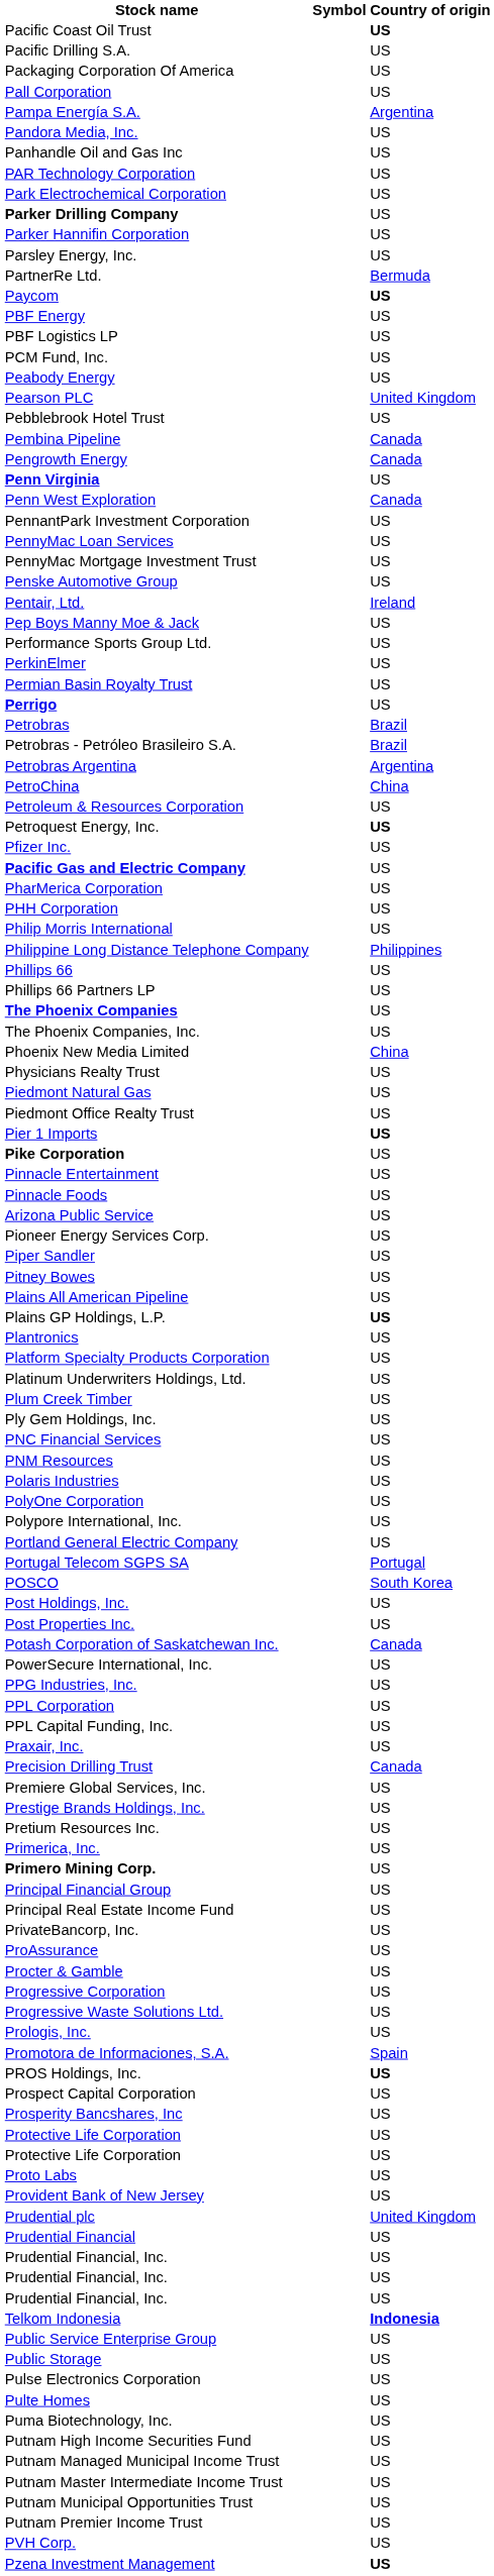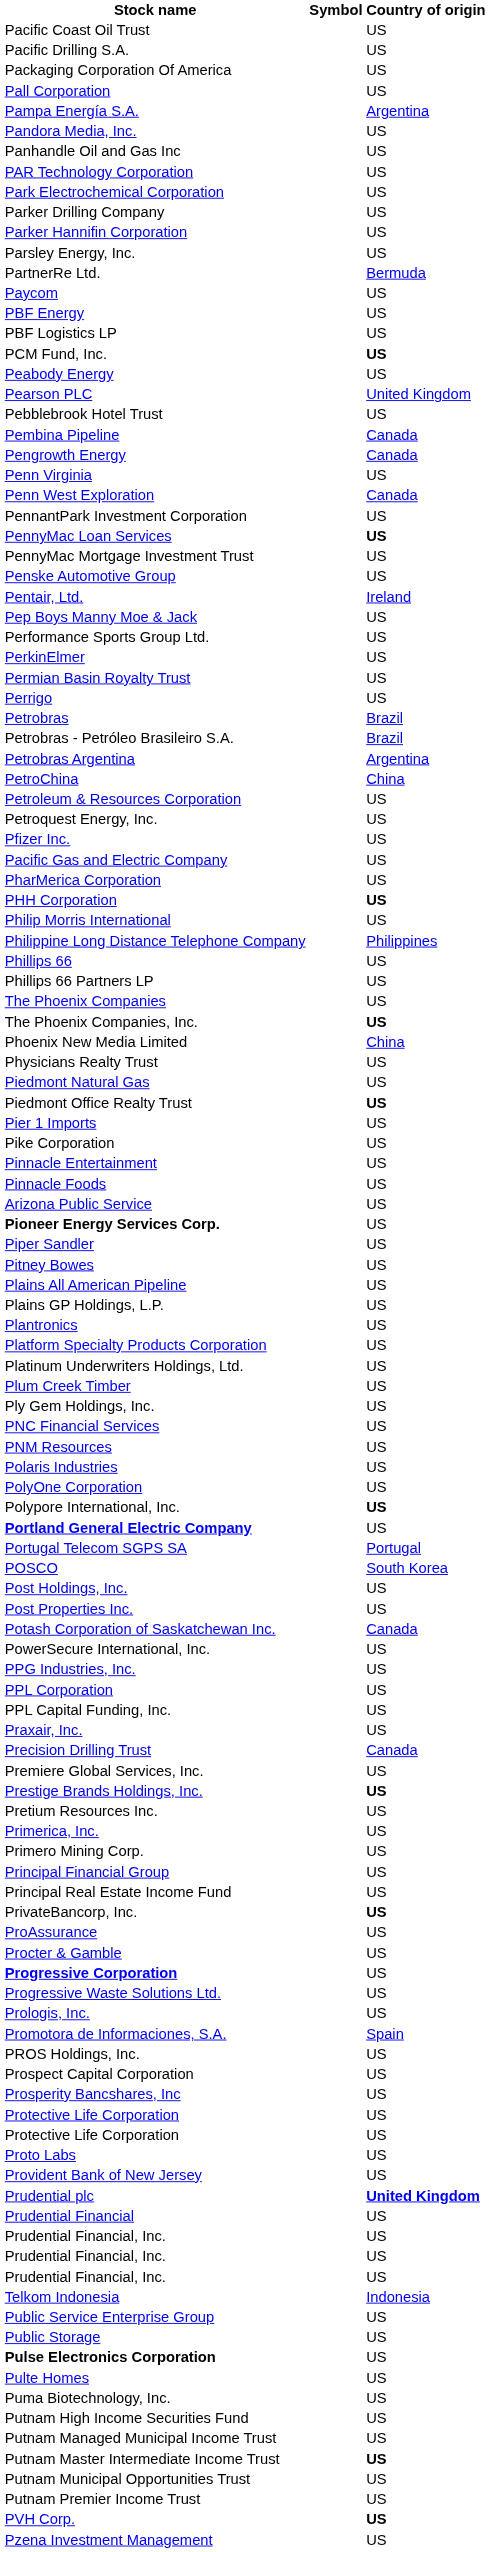 <table style="background:transparent;">
 <tr>
 <th>Stock name</th>
 <th>Symbol</th>
 <th>Country of origin</th>
 </tr>
 <tr --->
 <td>Pacific Coast Oil Trust</td>
 <td></td>
-<td><strong>US</strong></td>
+<td>US</td>
 </tr>
 <tr --->
 <td>Pacific Drilling S.A.</td>
 <td></td>
 <td>US</td>
 </tr>
 <tr --->
 <td>Packaging Corporation Of America</td>
 <td></td>
 <td>US</td>
 </tr>
 <tr --->
 <td><a href='#'>Pall Corporation</a></td>
 <td></td>
 <td>US</td>
 </tr>
 <tr --->
 <td><a href='#'>Pampa Energía S.A.</a></td>
 <td></td>
 <td><a href='#'>Argentina</a></td>
 </tr>
 <tr --->
 <td><a href='#'>Pandora Media, Inc.</a></td>
 <td></td>
 <td>US</td>
 </tr>
 <tr --->
 <td>Panhandle Oil and Gas Inc</td>
 <td></td>
 <td>US</td>
 </tr>
 <tr --->
 <td><a href='#'>PAR Technology Corporation</a></td>
 <td></td>
 <td>US</td>
 </tr>
 <tr --->
 <td><a href='#'>Park Electrochemical Corporation</a></td>
 <td></td>
 <td>US</td>
 </tr>
 <tr --->
-<td><strong>Parker Drilling Company</strong></td>
+<td>Parker Drilling Company</td>
 <td></td>
 <td>US</td>
 </tr>
 <tr --->
 <td><a href='#'>Parker Hannifin Corporation</a></td>
 <td></td>
 <td>US</td>
 </tr>
 <tr --->
 <td>Parsley Energy, Inc.</td>
 <td></td>
 <td>US</td>
 </tr>
 <tr --->
 <td>PartnerRe Ltd.</td>
 <td></td>
 <td><a href='#'>Bermuda</a></td>
 </tr>
 <tr --->
 <td><a href='#'>Paycom</a></td>
 <td></td>
-<td><strong>US</strong></td>
+<td>US</td>
 </tr>
 <tr --->
 <td><a href='#'>PBF Energy</a></td>
 <td></td>
 <td>US</td>
 </tr>
 <tr --->
 <td>PBF Logistics LP</td>
 <td></td>
 <td>US</td>
 </tr>
 <tr --->
 <td>PCM Fund, Inc.</td>
 <td></td>
-<td>US</td>
+<td><strong>US</strong></td>
 </tr>
 <tr --->
 <td><a href='#'>Peabody Energy</a></td>
 <td></td>
 <td>US</td>
 </tr>
 <tr --->
 <td><a href='#'>Pearson PLC</a></td>
 <td></td>
 <td><a href='#'>United Kingdom</a></td>
 </tr>
 <tr --->
 <td>Pebblebrook Hotel Trust</td>
 <td></td>
 <td>US</td>
 </tr>
 <tr --->
 <td><a href='#'>Pembina Pipeline</a></td>
 <td></td>
 <td><a href='#'>Canada</a></td>
 </tr>
 <tr --->
 <td><a href='#'>Pengrowth Energy</a></td>
 <td></td>
 <td><a href='#'>Canada</a></td>
 </tr>
 <tr --->
-<td><strong><a href='#'>Penn Virginia</a></strong></td>
+<td><a href='#'>Penn Virginia</a></td>
 <td></td>
 <td>US</td>
 </tr>
 <tr --->
 <td><a href='#'>Penn West Exploration</a></td>
 <td></td>
 <td><a href='#'>Canada</a></td>
 </tr>
 <tr --->
 <td>PennantPark Investment Corporation</td>
 <td></td>
 <td>US</td>
 </tr>
 <tr --->
 <td><a href='#'>PennyMac Loan Services</a></td>
 <td></td>
-<td>US</td>
+<td><strong>US</strong></td>
 </tr>
 <tr --->
 <td>PennyMac Mortgage Investment Trust</td>
 <td></td>
 <td>US</td>
 </tr>
 <tr --->
 <td><a href='#'>Penske Automotive Group</a></td>
 <td></td>
 <td>US</td>
 </tr>
 <tr --->
 <td><a href='#'>Pentair, Ltd.</a></td>
 <td></td>
 <td><a href='#'>Ireland</a></td>
 </tr>
 <tr --->
 <td><a href='#'>Pep Boys Manny Moe & Jack</a></td>
 <td></td>
 <td>US</td>
 </tr>
 <tr --->
 <td>Performance Sports Group Ltd.</td>
 <td></td>
 <td>US</td>
 </tr>
 <tr --->
 <td><a href='#'>PerkinElmer</a></td>
 <td></td>
 <td>US</td>
 </tr>
 <tr --->
 <td><a href='#'>Permian Basin Royalty Trust</a></td>
 <td></td>
 <td>US</td>
 </tr>
 <tr --->
-<td><strong><a href='#'>Perrigo</a></strong></td>
+<td><a href='#'>Perrigo</a></td>
 <td></td>
 <td>US</td>
 </tr>
 <tr --->
 <td><a href='#'>Petrobras</a></td>
 <td></td>
 <td><a href='#'>Brazil</a></td>
 </tr>
 <tr --->
 <td>Petrobras - Petróleo Brasileiro S.A.</td>
 <td></td>
 <td><a href='#'>Brazil</a></td>
 </tr>
 <tr --->
 <td><a href='#'>Petrobras Argentina</a></td>
 <td></td>
 <td><a href='#'>Argentina</a></td>
 </tr>
 <tr --->
 <td><a href='#'>PetroChina</a></td>
 <td></td>
 <td><a href='#'>China</a></td>
 </tr>
 <tr --->
 <td><a href='#'>Petroleum & Resources Corporation</a></td>
 <td></td>
 <td>US</td>
 </tr>
 <tr --->
 <td>Petroquest Energy, Inc.</td>
 <td></td>
-<td><strong>US</strong></td>
+<td>US</td>
 </tr>
 <tr --->
 <td><a href='#'>Pfizer Inc.</a></td>
 <td></td>
 <td>US</td>
 </tr>
 <tr --->
-<td><strong><a href='#'>Pacific Gas and Electric Company</a></strong></td>
+<td><a href='#'>Pacific Gas and Electric Company</a></td>
 <td></td>
 <td>US</td>
 </tr>
 <tr --->
 <td><a href='#'>PharMerica Corporation</a></td>
 <td></td>
 <td>US</td>
 </tr>
 <tr --->
 <td><a href='#'>PHH Corporation</a></td>
 <td></td>
-<td>US</td>
+<td><strong>US</strong></td>
 </tr>
 <tr --->
 <td><a href='#'>Philip Morris International</a></td>
 <td></td>
 <td>US</td>
 </tr>
 <tr --->
 <td><a href='#'>Philippine Long Distance Telephone Company</a></td>
 <td></td>
 <td><a href='#'>Philippines</a></td>
 </tr>
 <tr --->
 <td><a href='#'>Phillips 66</a></td>
 <td></td>
 <td>US</td>
 </tr>
 <tr --->
 <td>Phillips 66 Partners LP</td>
 <td></td>
 <td>US</td>
 </tr>
 <tr --->
-<td><strong><a href='#'>The Phoenix Companies</a></strong></td>
+<td><a href='#'>The Phoenix Companies</a></td>
 <td></td>
 <td>US</td>
 </tr>
 <tr --->
 <td>The Phoenix Companies, Inc.</td>
 <td></td>
-<td>US</td>
+<td><strong>US</strong></td>
 </tr>
 <tr --->
 <td>Phoenix New Media Limited</td>
 <td></td>
 <td><a href='#'>China</a></td>
 </tr>
 <tr --->
 <td>Physicians Realty Trust</td>
 <td></td>
 <td>US</td>
 </tr>
 <tr --->
 <td><a href='#'>Piedmont Natural Gas</a></td>
 <td></td>
 <td>US</td>
 </tr>
 <tr --->
 <td>Piedmont Office Realty Trust</td>
 <td></td>
-<td>US</td>
+<td><strong>US</strong></td>
 </tr>
 <tr --->
 <td><a href='#'>Pier 1 Imports</a></td>
 <td></td>
-<td><strong>US</strong></td>
+<td>US</td>
 </tr>
 <tr --->
-<td><strong>Pike Corporation</strong></td>
+<td>Pike Corporation</td>
 <td></td>
 <td>US</td>
 </tr>
 <tr --->
 <td><a href='#'>Pinnacle Entertainment</a></td>
 <td></td>
 <td>US</td>
 </tr>
 <tr --->
 <td><a href='#'>Pinnacle Foods</a></td>
 <td></td>
 <td>US</td>
 </tr>
 <tr --->
 <td><a href='#'>Arizona Public Service</a></td>
 <td></td>
 <td>US</td>
 </tr>
 <tr --->
-<td>Pioneer Energy Services Corp.</td>
+<td><strong>Pioneer Energy Services Corp.</strong></td>
 <td></td>
 <td>US</td>
 </tr>
 <tr --->
 <td><a href='#'>Piper Sandler</a></td>
 <td></td>
 <td>US</td>
 </tr>
 <tr --->
 <td><a href='#'>Pitney Bowes</a></td>
 <td></td>
 <td>US</td>
 </tr>
 <tr --->
 <td><a href='#'>Plains All American Pipeline</a></td>
 <td></td>
 <td>US</td>
 </tr>
 <tr --->
 <td>Plains GP Holdings, L.P.</td>
 <td></td>
-<td><strong>US</strong></td>
+<td>US</td>
 </tr>
 <tr --->
 <td><a href='#'>Plantronics</a></td>
 <td></td>
 <td>US</td>
 </tr>
 <tr --->
 <td><a href='#'>Platform Specialty Products Corporation</a></td>
 <td></td>
 <td>US</td>
 </tr>
 <tr --->
 <td>Platinum Underwriters Holdings, Ltd.</td>
 <td></td>
 <td>US</td>
 </tr>
 <tr --->
 <td><a href='#'>Plum Creek Timber</a></td>
 <td></td>
 <td>US</td>
 </tr>
 <tr --->
 <td>Ply Gem Holdings, Inc.</td>
 <td></td>
 <td>US</td>
 </tr>
 <tr --->
 <td><a href='#'>PNC Financial Services</a></td>
 <td></td>
 <td>US</td>
 </tr>
 <tr --->
 <td><a href='#'>PNM Resources</a></td>
 <td></td>
 <td>US</td>
 </tr>
 <tr --->
 <td><a href='#'>Polaris Industries</a></td>
 <td></td>
 <td>US</td>
 </tr>
 <tr --->
 <td><a href='#'>PolyOne Corporation</a></td>
 <td></td>
 <td>US</td>
 </tr>
 <tr --->
 <td>Polypore International, Inc.</td>
 <td></td>
-<td>US</td>
+<td><strong>US</strong></td>
 </tr>
 <tr --->
-<td><a href='#'>Portland General Electric Company</a></td>
+<td><strong><a href='#'>Portland General Electric Company</a></strong></td>
 <td></td>
 <td>US</td>
 </tr>
 <tr --->
 <td><a href='#'>Portugal Telecom SGPS SA</a></td>
 <td></td>
 <td><a href='#'>Portugal</a></td>
 </tr>
 <tr --->
 <td><a href='#'>POSCO</a></td>
 <td></td>
 <td><a href='#'>South Korea</a></td>
 </tr>
 <tr --->
 <td><a href='#'>Post Holdings, Inc.</a></td>
 <td></td>
 <td>US</td>
 </tr>
 <tr --->
 <td><a href='#'>Post Properties Inc.</a></td>
 <td></td>
 <td>US</td>
 </tr>
 <tr --->
 <td><a href='#'>Potash Corporation of Saskatchewan Inc.</a></td>
 <td></td>
 <td><a href='#'>Canada</a></td>
 </tr>
 <tr --->
 <td>PowerSecure International, Inc.</td>
 <td></td>
 <td>US</td>
 </tr>
 <tr --->
 <td><a href='#'>PPG Industries, Inc.</a></td>
 <td></td>
 <td>US</td>
 </tr>
 <tr --->
 <td><a href='#'>PPL Corporation</a></td>
 <td></td>
 <td>US</td>
 </tr>
 <tr --->
 <td>PPL Capital Funding, Inc.</td>
 <td></td>
 <td>US</td>
 </tr>
 <tr --->
 <td><a href='#'>Praxair, Inc.</a></td>
 <td></td>
 <td>US</td>
 </tr>
 <tr --->
 <td><a href='#'>Precision Drilling Trust</a></td>
 <td></td>
 <td><a href='#'>Canada</a></td>
 </tr>
 <tr --->
 <td>Premiere Global Services, Inc.</td>
 <td></td>
 <td>US</td>
 </tr>
 <tr --->
 <td><a href='#'>Prestige Brands Holdings, Inc.</a></td>
 <td></td>
-<td>US</td>
+<td><strong>US</strong></td>
 </tr>
 <tr --->
 <td>Pretium Resources Inc.</td>
 <td></td>
 <td>US</td>
 </tr>
 <tr --->
 <td><a href='#'>Primerica, Inc.</a></td>
 <td></td>
 <td>US</td>
 </tr>
 <tr --->
-<td><strong>Primero Mining Corp.</strong></td>
+<td>Primero Mining Corp.</td>
 <td></td>
 <td>US</td>
 </tr>
 <tr --->
 <td><a href='#'>Principal Financial Group</a></td>
 <td></td>
 <td>US</td>
 </tr>
 <tr --->
 <td>Principal Real Estate Income Fund</td>
 <td></td>
 <td>US</td>
 </tr>
 <tr --->
 <td>PrivateBancorp, Inc.</td>
 <td></td>
-<td>US</td>
+<td><strong>US</strong></td>
 </tr>
 <tr --->
 <td><a href='#'>ProAssurance</a></td>
 <td></td>
 <td>US</td>
 </tr>
 <tr --->
 <td><a href='#'>Procter & Gamble</a></td>
 <td></td>
 <td>US</td>
 </tr>
 <tr --->
-<td><a href='#'>Progressive Corporation</a></td>
+<td><strong><a href='#'>Progressive Corporation</a></strong></td>
 <td></td>
 <td>US</td>
 </tr>
 <tr --->
 <td><a href='#'>Progressive Waste Solutions Ltd.</a></td>
 <td></td>
 <td>US</td>
 </tr>
 <tr --->
 <td><a href='#'>Prologis, Inc.</a></td>
 <td></td>
 <td>US</td>
 </tr>
 <tr --->
 <td><a href='#'>Promotora de Informaciones, S.A.</a></td>
 <td></td>
 <td><a href='#'>Spain</a></td>
 </tr>
 <tr --->
 <td>PROS Holdings, Inc.</td>
 <td></td>
-<td><strong>US</strong></td>
+<td>US</td>
 </tr>
 <tr --->
 <td>Prospect Capital Corporation</td>
 <td></td>
 <td>US</td>
 </tr>
 <tr --->
 <td><a href='#'>Prosperity Bancshares, Inc</a></td>
 <td></td>
 <td>US</td>
 </tr>
 <tr --->
 <td><a href='#'>Protective Life Corporation</a></td>
 <td></td>
 <td>US</td>
 </tr>
 <tr --->
 <td>Protective Life Corporation</td>
 <td></td>
 <td>US</td>
 </tr>
 <tr --->
 <td><a href='#'>Proto Labs</a></td>
 <td></td>
 <td>US</td>
 </tr>
 <tr --->
 <td><a href='#'>Provident Bank of New Jersey</a></td>
 <td></td>
 <td>US</td>
 </tr>
 <tr --->
 <td><a href='#'>Prudential plc</a></td>
 <td></td>
-<td><a href='#'>United Kingdom</a></td>
+<td><strong><a href='#'>United Kingdom</a></strong></td>
 </tr>
 <tr --->
 <td><a href='#'>Prudential Financial</a></td>
 <td></td>
 <td>US</td>
 </tr>
 <tr --->
 <td>Prudential Financial, Inc.</td>
 <td></td>
 <td>US</td>
 </tr>
 <tr --->
 <td>Prudential Financial, Inc.</td>
 <td></td>
 <td>US</td>
 </tr>
 <tr --->
 <td>Prudential Financial, Inc.</td>
 <td></td>
 <td>US</td>
 </tr>
 <tr --->
 <td><a href='#'>Telkom Indonesia</a></td>
 <td></td>
-<td><strong><a href='#'>Indonesia</a></strong></td>
+<td><a href='#'>Indonesia</a></td>
 </tr>
 <tr --->
 <td><a href='#'>Public Service Enterprise Group</a></td>
 <td></td>
 <td>US</td>
 </tr>
 <tr --->
 <td><a href='#'>Public Storage</a></td>
 <td></td>
 <td>US</td>
 </tr>
 <tr --->
-<td>Pulse Electronics Corporation</td>
+<td><strong>Pulse Electronics Corporation</strong></td>
 <td></td>
 <td>US</td>
 </tr>
 <tr --->
 <td><a href='#'>Pulte Homes</a></td>
 <td></td>
 <td>US</td>
 </tr>
 <tr --->
 <td>Puma Biotechnology, Inc.</td>
 <td></td>
 <td>US</td>
 </tr>
 <tr --->
 <td>Putnam High Income Securities Fund</td>
 <td></td>
 <td>US</td>
 </tr>
 <tr --->
 <td>Putnam Managed Municipal Income Trust</td>
 <td></td>
 <td>US</td>
 </tr>
 <tr --->
 <td>Putnam Master Intermediate Income Trust</td>
 <td></td>
-<td>US</td>
+<td><strong>US</strong></td>
 </tr>
 <tr --->
 <td>Putnam Municipal Opportunities Trust</td>
 <td></td>
 <td>US</td>
 </tr>
 <tr --->
 <td>Putnam Premier Income Trust</td>
 <td></td>
 <td>US</td>
 </tr>
 <tr --->
 <td><a href='#'>PVH Corp.</a></td>
 <td></td>
-<td>US</td>
+<td><strong>US</strong></td>
 </tr>
 <tr --->
 <td><a href='#'>Pzena Investment Management</a></td>
 <td></td>
-<td><strong>US</strong></td>
+<td>US</td>
 </tr>
 <tr --->
 </tr>
 </table>
